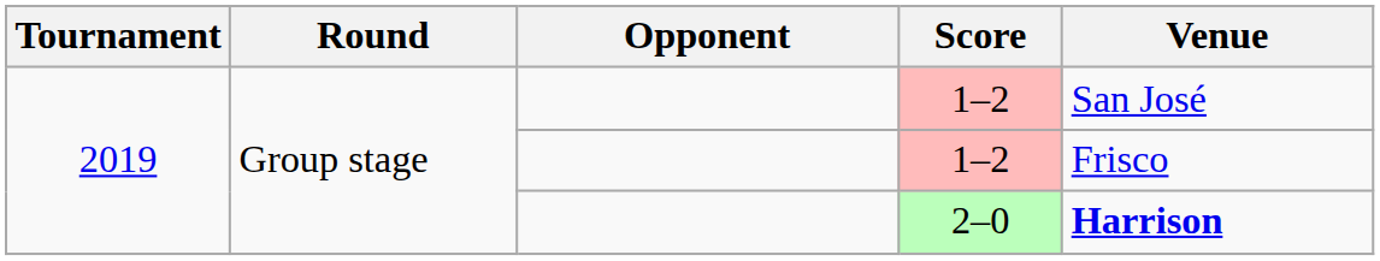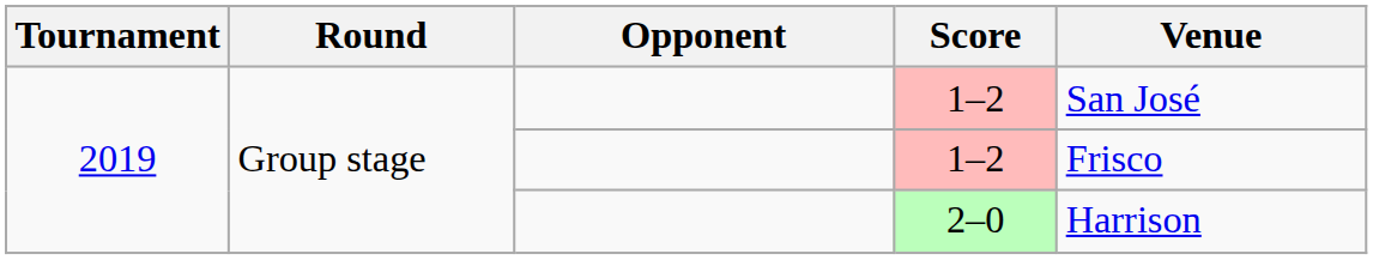 <table class="wikitable sortable" style="text-align:left;">
 <tr>
 <th>Tournament</th>
 <th width=110>Round</th>
 <th width=150>Opponent</th>
 <th width=60>Score</th>
 <th width=120>Venue</th>
 </tr>
 <tr>
 <td rowspan=3 align=center> <a href='#'>2019</a></td>
 <td rowspan=3>Group stage</td>
 <td></td>
 <td align=center bgcolor="ffbbbb">1–2</td>
 <td><a href='#'>San José</a></td>
 </tr>
 <tr>
 <td></td>
 <td align=center bgcolor="ffbbbb">1–2</td>
 <td><a href='#'>Frisco</a></td>
 </tr>
 <tr>
 <td></td>
 <td align=center bgcolor="bbffbb">2–0</td>
-<td><strong><a href='#'>Harrison</a></strong></td>
+<td><a href='#'>Harrison</a></td>
 </tr>
 </table>
